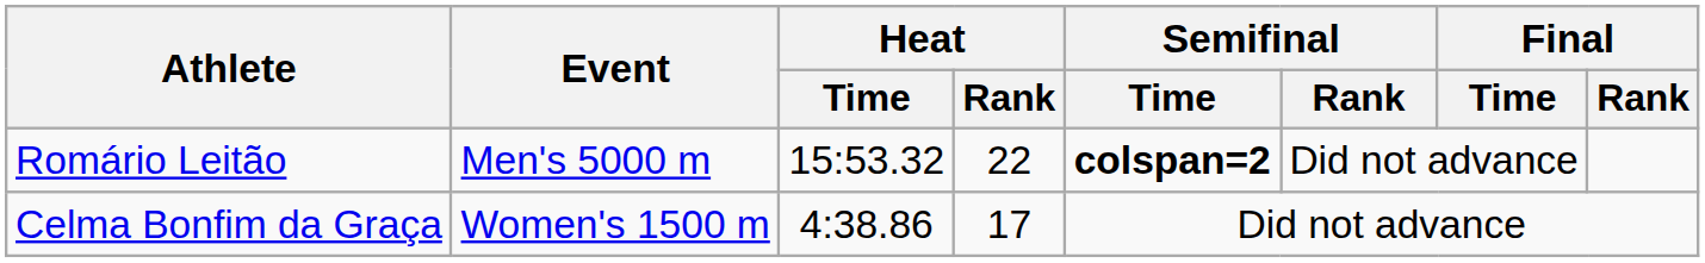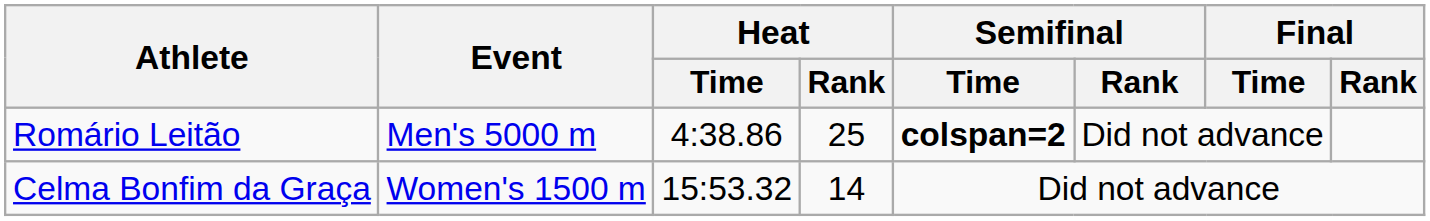 <table class=wikitable style="font-size:90%">
 <tr>
 <th rowspan="2">Athlete</th>
 <th rowspan="2">Event</th>
 <th colspan="2">Heat</th>
 <th colspan="2">Semifinal</th>
 <th colspan="2">Final</th>
 </tr>
 <tr style="font-size:95%">
 <th>Time</th>
 <th>Rank</th>
 <th>Time</th>
 <th>Rank</th>
 <th>Time</th>
 <th>Rank</th>
 </tr>
 <tr align=center>
 <td align=left><a href='#'>Romário Leitão</a></td>
 <td align=left><a href='#'>Men's 5000 m</a></td>
-<td>15:53.32</td>
-<td>22</td>
+<td>4:38.86</td>
+<td>25</td>
 <td><strong>colspan=2 </strong></td>
 <td colspan=2>Did not advance</td>
 </tr>
 <tr align=center>
 <td align=left><a href='#'>Celma Bonfim da Graça</a></td>
 <td align=left><a href='#'>Women's 1500 m</a></td>
-<td>4:38.86</td>
-<td>17</td>
+<td>15:53.32</td>
+<td>14</td>
 <td colspan=4>Did not advance</td>
 </tr>
 </table>
